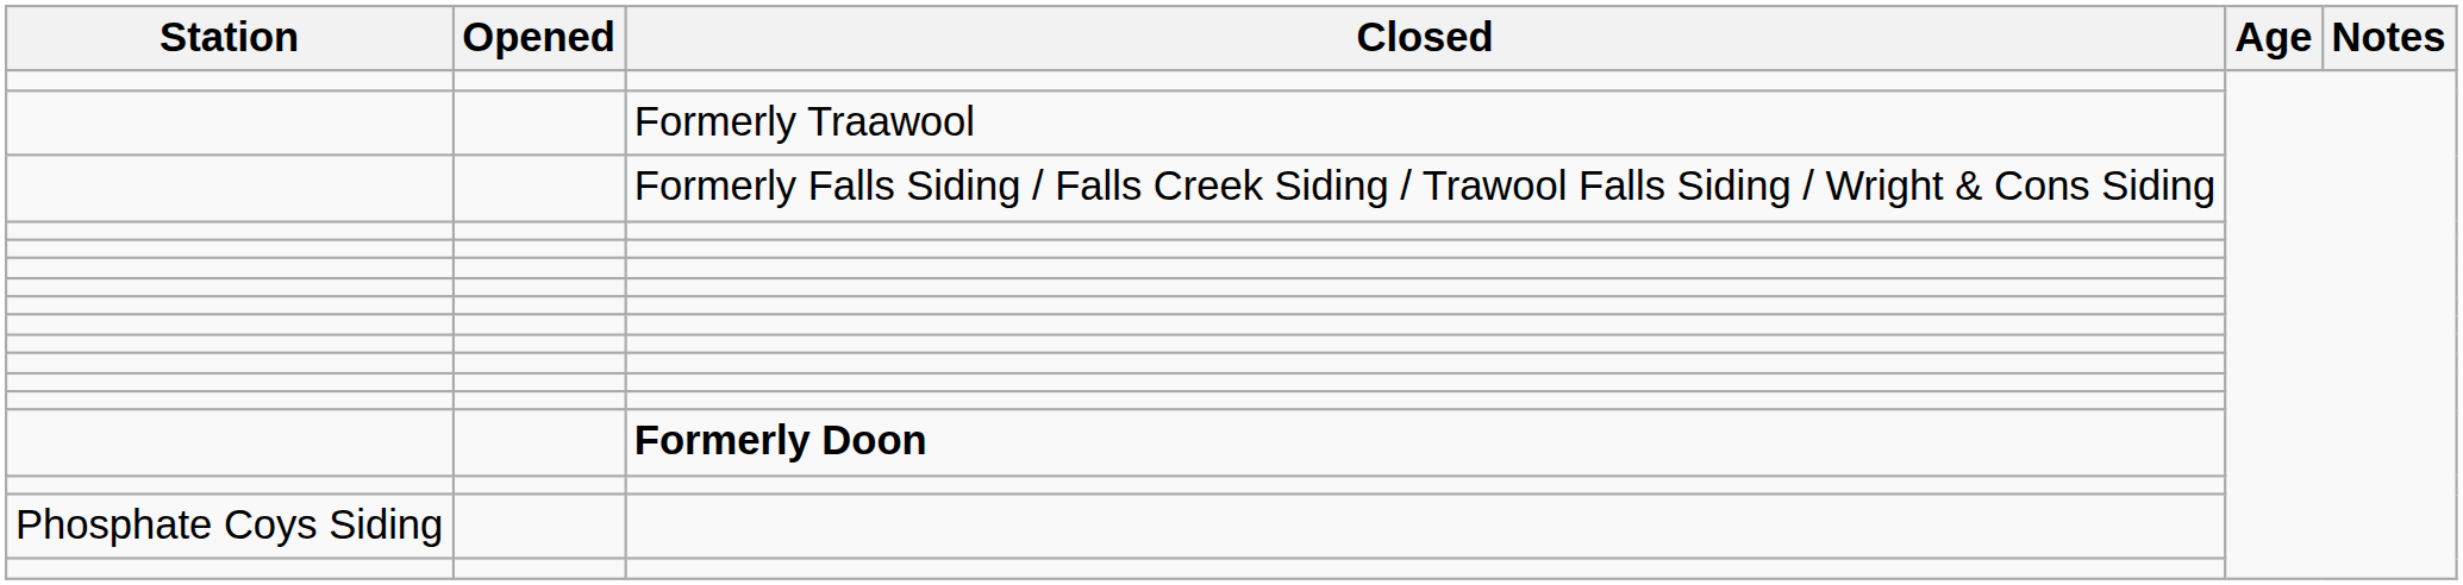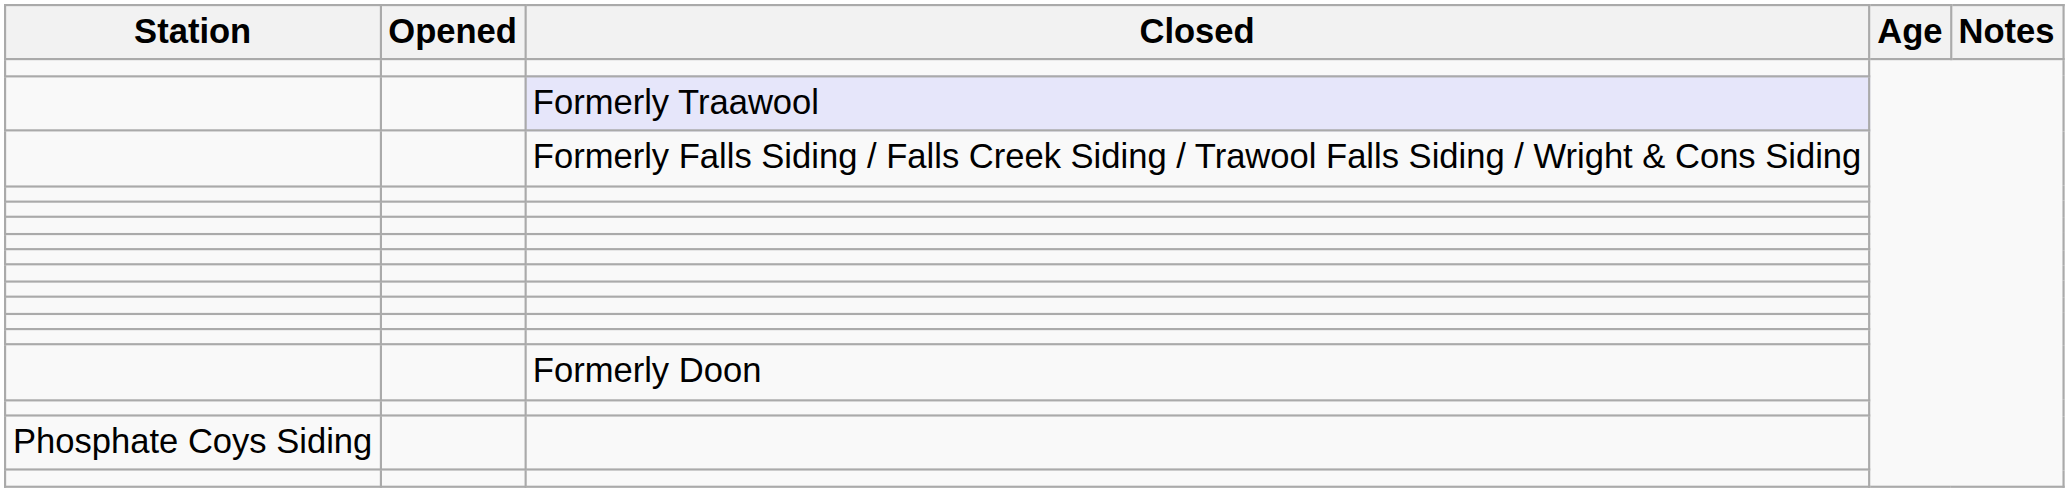 <table class="wikitable sortable mw-collapsible">
 <tr>
 <th>Station</th>
 <th>Opened</th>
 <th>Closed</th>
 <th>Age</th>
 <th scope=col class=unsortable>Notes</th>
 </tr>
 <tr>
 <td></td>
 <td></td>
 <td></td>
 </tr>
 <tr>
 <td></td>
 <td></td>
-<td>Formerly Traawool</td>
+<td style="background: lavender;">Formerly Traawool</td>
 </tr>
 <tr>
 <td></td>
 <td></td>
 <td>Formerly Falls Siding / Falls Creek Siding / Trawool Falls Siding / Wright & Cons Siding</td>
 </tr>
 <tr>
 <td></td>
 <td></td>
 <td></td>
 </tr>
 <tr>
 <td></td>
 <td></td>
 <td></td>
 </tr>
 <tr>
 <td></td>
 <td></td>
 <td></td>
 </tr>
 <tr>
 <td></td>
 <td></td>
 <td></td>
 </tr>
 <tr>
 <td></td>
 <td></td>
 <td></td>
 </tr>
 <tr>
 <td></td>
 <td></td>
 <td></td>
 </tr>
 <tr>
 <td></td>
 <td></td>
 <td></td>
 </tr>
 <tr>
 <td></td>
 <td></td>
 <td></td>
 </tr>
 <tr>
 <td></td>
 <td></td>
 <td></td>
 </tr>
 <tr>
 <td></td>
 <td></td>
 <td></td>
 </tr>
 <tr>
 <td></td>
 <td></td>
-<td><strong>Formerly Doon</strong></td>
+<td>Formerly Doon</td>
 </tr>
 <tr>
 <td></td>
 <td></td>
 <td></td>
 </tr>
 <tr>
 <td>Phosphate Coys Siding</td>
 <td></td>
 <td></td>
 </tr>
 <tr>
 <td></td>
 <td></td>
 <td></td>
 </tr>
 </table>
